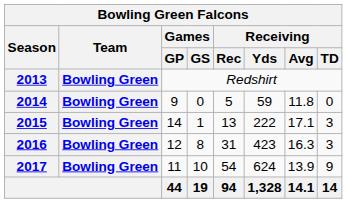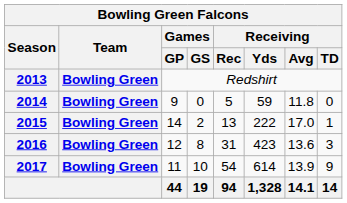 <table class="wikitable" style="text-align:center">
 <tr>
 <th colspan="12">Bowling Green Falcons</th>
 </tr>
 <tr>
 <th rowspan="2">Season</th>
 <th rowspan="2">Team</th>
 <th colspan="2">Games</th>
 <th colspan="4">Receiving</th>
 </tr>
 <tr>
 <th>GP</th>
 <th>GS</th>
 <th>Rec</th>
 <th>Yds</th>
 <th>Avg</th>
 <th>TD</th>
 </tr>
 <tr>
 <th><a href='#'>2013</a></th>
 <th><a href='#'>Bowling Green</a></th>
 <td colspan="10"><em>Redshirt </em></td>
 </tr>
 <tr>
 <th><a href='#'>2014</a></th>
 <th><a href='#'>Bowling Green</a></th>
 <td>9</td>
 <td>0</td>
 <td>5</td>
 <td>59</td>
 <td>11.8</td>
 <td>0</td>
 </tr>
 <tr>
 <th><a href='#'>2015</a></th>
 <th><a href='#'>Bowling Green</a></th>
 <td>14</td>
-<td>1</td>
+<td>2</td>
 <td>13</td>
 <td>222</td>
-<td>17.1</td>
-<td>3</td>
+<td>17.0</td>
+<td>1</td>
 </tr>
 <tr>
 <th><a href='#'>2016</a></th>
 <th><a href='#'>Bowling Green</a></th>
 <td>12</td>
 <td>8</td>
 <td>31</td>
 <td>423</td>
-<td>16.3</td>
+<td>13.6</td>
 <td>3</td>
 </tr>
 <tr>
 <th><a href='#'>2017</a></th>
 <th><a href='#'>Bowling Green</a></th>
 <td>11</td>
 <td>10</td>
 <td>54</td>
-<td>624</td>
+<td>614</td>
 <td>13.9</td>
 <td>9</td>
 </tr>
 <tr>
 <th colspan="2"></th>
 <th>44</th>
 <th>19</th>
 <th>94</th>
 <th>1,328</th>
 <th>14.1</th>
 <th>14</th>
 </tr>
 </table>
